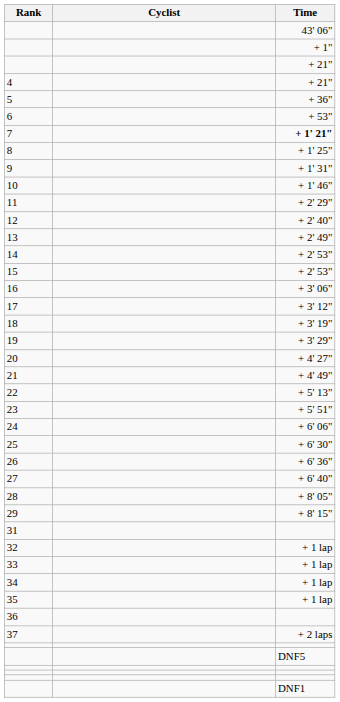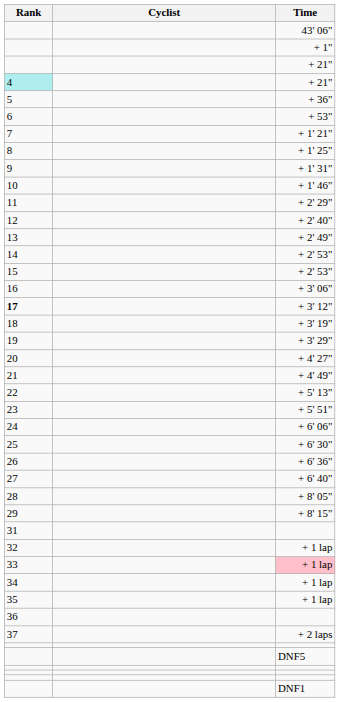 <table class="wikitable">
 <tr>
 <th style="width: 4em;">Rank</th>
 <th style="width: 20em;">Cyclist</th>
 <th style="width: 5em;">Time</th>
 </tr>
 <tr>
 <td></td>
 <td></td>
 <td align="right">43' 06"</td>
 </tr>
 <tr>
 <td></td>
 <td></td>
 <td align="right">+ 1"</td>
 </tr>
 <tr>
 <td></td>
 <td></td>
 <td align="right">+ 21"</td>
 </tr>
 <tr>
-<td>4</td>
+<td style="background: paleturquoise;">4</td>
 <td></td>
 <td align="right">+ 21"</td>
 </tr>
 <tr>
 <td>5</td>
 <td></td>
 <td align="right">+ 36"</td>
 </tr>
 <tr>
 <td>6</td>
 <td></td>
 <td align="right">+ 53"</td>
 </tr>
 <tr>
 <td>7</td>
 <td></td>
-<td align="right"><strong>+ 1' 21"</strong></td>
+<td align="right">+ 1' 21"</td>
 </tr>
 <tr>
 <td>8</td>
 <td></td>
 <td align="right">+ 1' 25"</td>
 </tr>
 <tr>
 <td>9</td>
 <td></td>
 <td align="right">+ 1' 31"</td>
 </tr>
 <tr>
 <td>10</td>
 <td></td>
 <td align="right">+ 1' 46"</td>
 </tr>
 <tr>
 <td>11</td>
 <td></td>
 <td align="right">+ 2' 29"</td>
 </tr>
 <tr>
 <td>12</td>
 <td></td>
 <td align="right">+ 2' 40"</td>
 </tr>
 <tr>
 <td>13</td>
 <td></td>
 <td align="right">+ 2' 49"</td>
 </tr>
 <tr>
 <td>14</td>
 <td></td>
 <td align="right">+ 2' 53"</td>
 </tr>
 <tr>
 <td>15</td>
 <td></td>
 <td align="right">+ 2' 53"</td>
 </tr>
 <tr>
 <td>16</td>
 <td></td>
 <td align="right">+ 3' 06"</td>
 </tr>
 <tr>
-<td>17</td>
+<td><strong>17</strong></td>
 <td></td>
 <td align="right">+ 3' 12"</td>
 </tr>
 <tr>
 <td>18</td>
 <td></td>
 <td align="right">+ 3' 19"</td>
 </tr>
 <tr>
 <td>19</td>
 <td></td>
 <td align="right">+ 3' 29"</td>
 </tr>
 <tr>
 <td>20</td>
 <td></td>
 <td align="right">+ 4' 27"</td>
 </tr>
 <tr>
 <td>21</td>
 <td></td>
 <td align="right">+ 4' 49"</td>
 </tr>
 <tr>
 <td>22</td>
 <td></td>
 <td align="right">+ 5' 13"</td>
 </tr>
 <tr>
 <td>23</td>
 <td></td>
 <td align="right">+ 5' 51"</td>
 </tr>
 <tr>
 <td>24</td>
 <td></td>
 <td align="right">+ 6' 06"</td>
 </tr>
 <tr>
 <td>25</td>
 <td></td>
 <td align="right">+ 6' 30"</td>
 </tr>
 <tr>
 <td>26</td>
 <td></td>
 <td align="right">+ 6' 36"</td>
 </tr>
 <tr>
 <td>27</td>
 <td></td>
 <td align="right">+ 6' 40"</td>
 </tr>
 <tr>
 <td>28</td>
 <td></td>
 <td align="right">+ 8' 05"</td>
 </tr>
 <tr>
 <td>29</td>
 <td></td>
 <td align="right">+ 8' 15"</td>
 </tr>
 <tr>
 <td>31</td>
 <td></td>
 <td align="right"></td>
 </tr>
 <tr>
 <td>32</td>
 <td></td>
 <td align="right">+ 1 lap</td>
 </tr>
 <tr>
 <td>33</td>
 <td></td>
-<td align="right">+ 1 lap</td>
+<td align="right" style="background: pink;">+ 1 lap</td>
 </tr>
 <tr>
 <td>34</td>
 <td></td>
 <td align="right">+ 1 lap</td>
 </tr>
 <tr>
 <td>35</td>
 <td></td>
 <td align="right">+ 1 lap</td>
 </tr>
 <tr>
 <td>36</td>
 <td></td>
 <td align="right"></td>
 </tr>
 <tr>
 <td>37</td>
 <td></td>
 <td align="right">+ 2 laps</td>
 </tr>
 <tr>
 <td></td>
 <td></td>
 <td></td>
 </tr>
 <tr>
 <td></td>
 <td></td>
 <td>DNF5</td>
 </tr>
 <tr>
 <td></td>
 <td></td>
 <td></td>
 </tr>
 <tr>
 <td></td>
 <td></td>
 <td></td>
 </tr>
 <tr>
 <td></td>
 <td></td>
 <td></td>
 </tr>
 <tr>
 <td></td>
 <td></td>
 <td>DNF1</td>
 </tr>
 </table>
